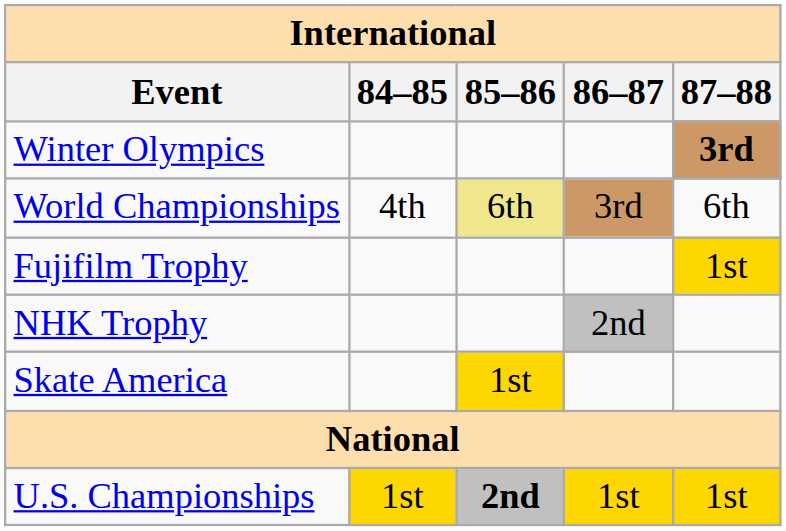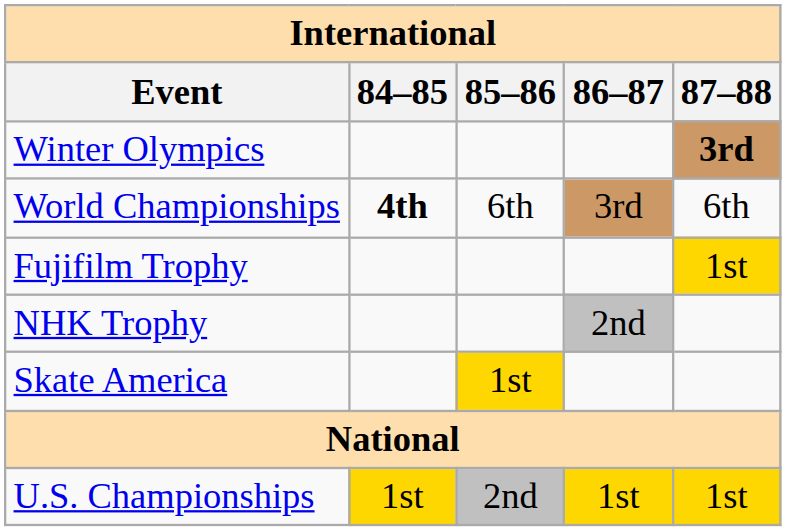 <table class="wikitable" style="text-align:center">
 <tr>
 <th style="background-color: #ffdead; " colspan=5 align=center>International</th>
 </tr>
 <tr>
 <th>Event</th>
 <th>84–85</th>
 <th>85–86</th>
 <th>86–87</th>
 <th>87–88</th>
 </tr>
 <tr>
 <td align=left><a href='#'>Winter Olympics</a></td>
 <td></td>
 <td></td>
 <td></td>
 <td bgcolor=cc9966><strong>3rd</strong></td>
 </tr>
 <tr>
 <td align=left><a href='#'>World Championships</a></td>
-<td>4th</td>
-<td style="background: khaki;">6th</td>
+<td><strong>4th</strong></td>
+<td>6th</td>
 <td bgcolor=cc9966>3rd</td>
 <td>6th</td>
 </tr>
 <tr>
 <td align=left><a href='#'>Fujifilm Trophy</a></td>
 <td></td>
 <td></td>
 <td></td>
 <td bgcolor=gold>1st</td>
 </tr>
 <tr>
 <td align=left><a href='#'>NHK Trophy</a></td>
 <td></td>
 <td></td>
 <td bgcolor=silver>2nd</td>
 <td></td>
 </tr>
 <tr>
 <td align=left><a href='#'>Skate America</a></td>
 <td></td>
 <td bgcolor=gold>1st</td>
 <td></td>
 <td></td>
 </tr>
 <tr>
 <th style="background-color: #ffdead; " colspan=5 align=center>National</th>
 </tr>
 <tr>
 <td align=left><a href='#'>U.S. Championships</a></td>
 <td bgcolor=gold>1st</td>
-<td bgcolor=silver><strong>2nd</strong></td>
+<td bgcolor=silver>2nd</td>
 <td bgcolor=gold>1st</td>
 <td bgcolor=gold>1st</td>
 </tr>
 </table>
